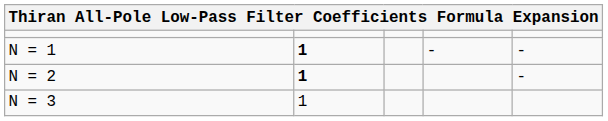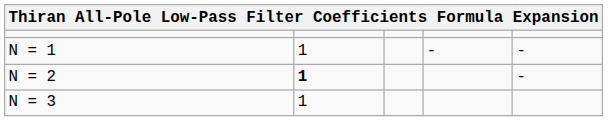 <table class="wikitable">
 <tr>
 <th colspan="5">Thiran All-Pole Low-Pass Filter Coefficients Formula Expansion</th>
 </tr>
 <tr>
 <td></td>
 <td></td>
 <td></td>
 <td></td>
 <td></td>
 </tr>
 <tr>
 <td>N = 1</td>
-<td><strong>1</strong></td>
+<td>1</td>
 <td></td>
 <td>-</td>
 <td>-</td>
 </tr>
 <tr>
 <td>N = 2</td>
 <td><strong>1</strong></td>
 <td></td>
 <td></td>
 <td>-</td>
 </tr>
 <tr>
 <td>N = 3</td>
 <td>1</td>
 <td></td>
 <td></td>
 <td></td>
 </tr>
 </table>
